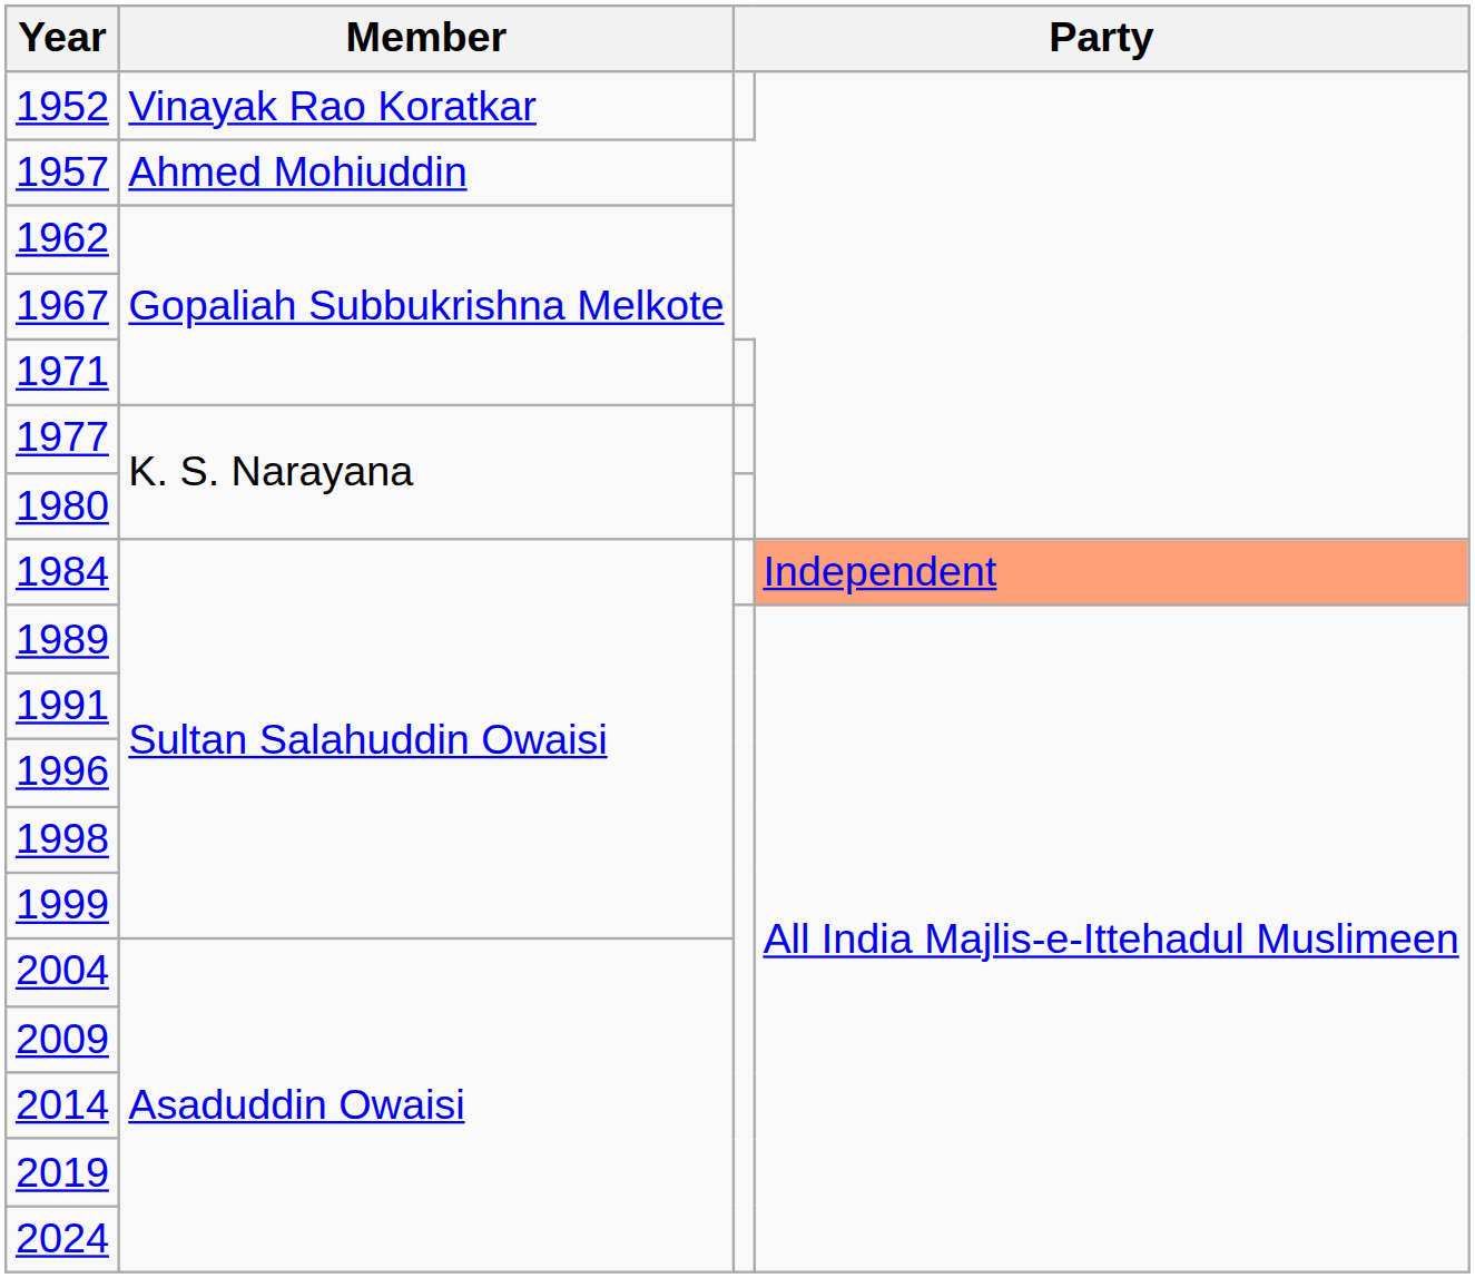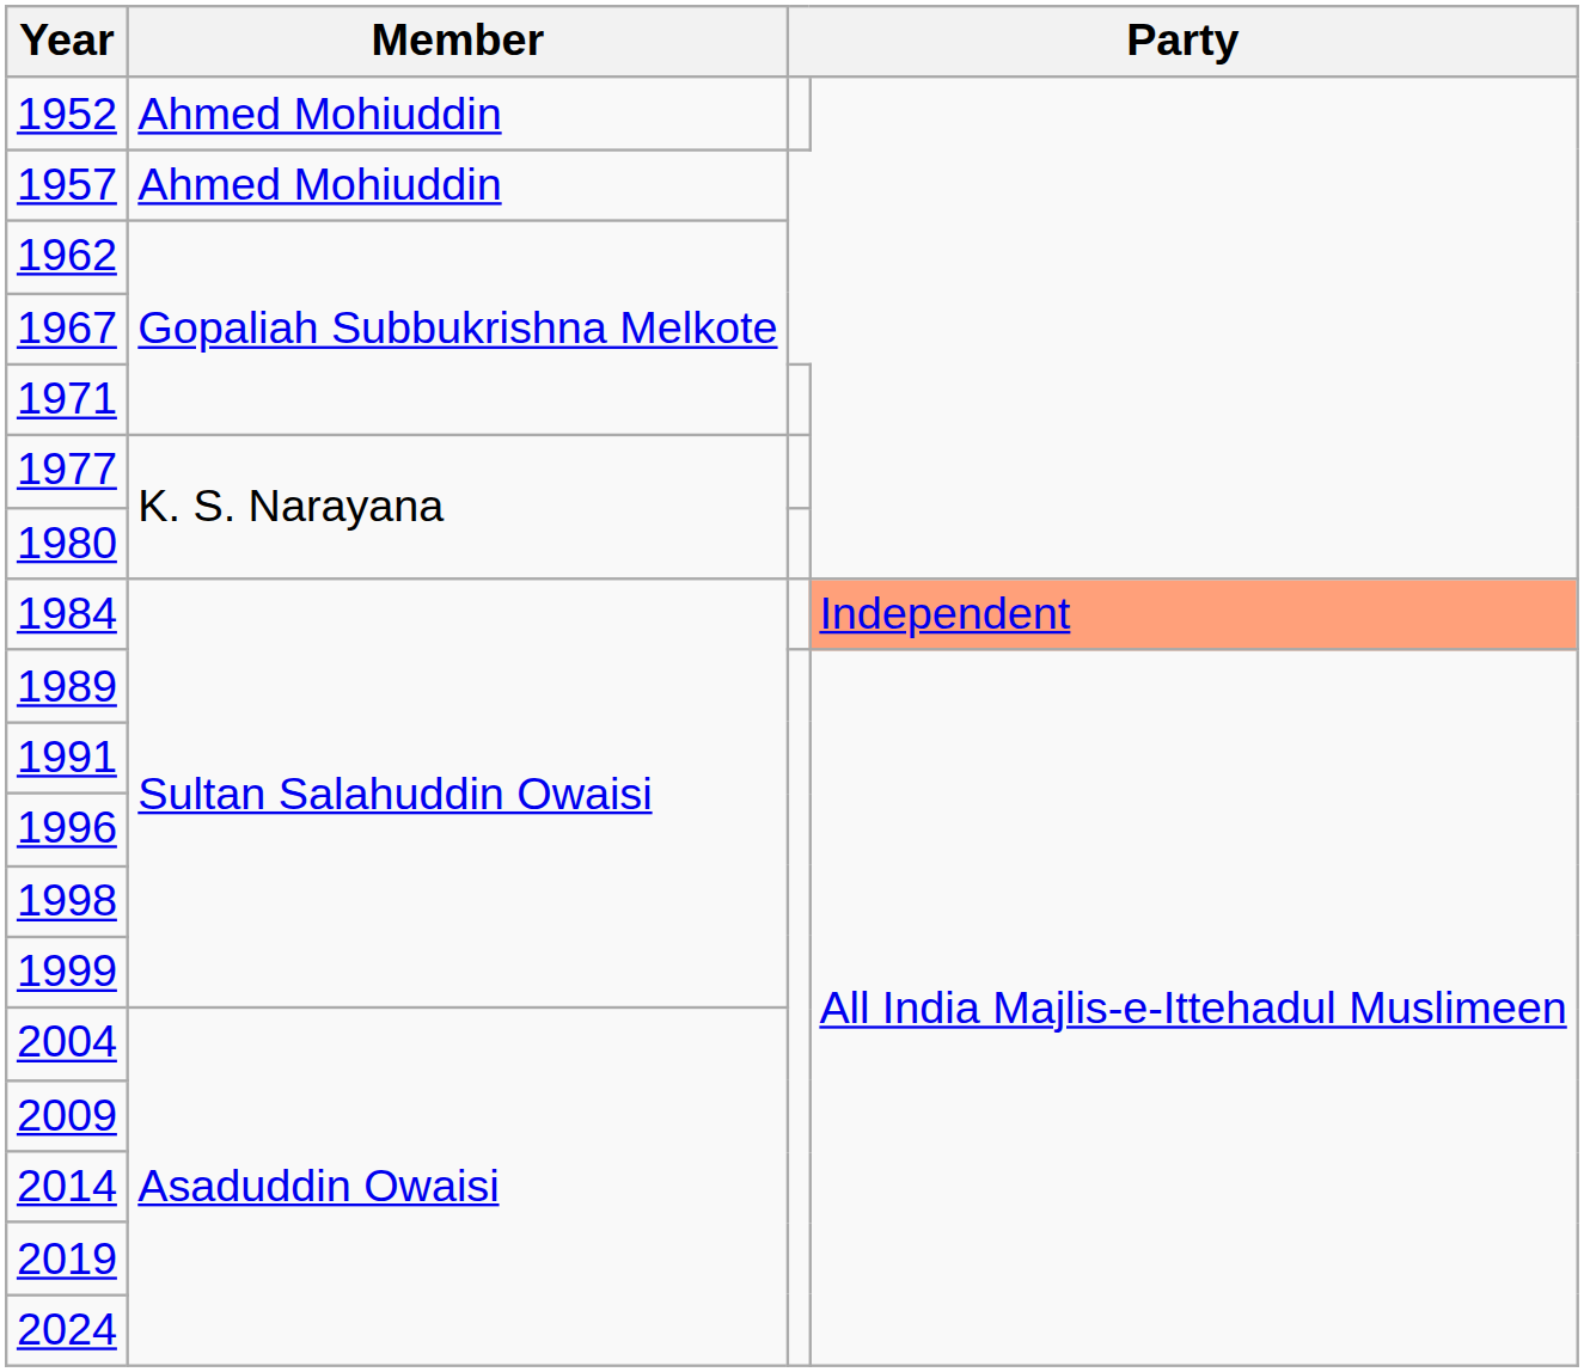 <table class="wikitable sortable">
 <tr>
 <th>Year</th>
 <th>Member</th>
 <th colspan="2">Party</th>
 </tr>
 <tr>
 <td><a href='#'>1952</a></td>
-<td><a href='#'>Vinayak Rao Koratkar</a></td>
+<td><a href='#'>Ahmed Mohiuddin</a></td>
 <td></td>
 </tr>
 <tr>
 <td><a href='#'>1957</a></td>
 <td><a href='#'>Ahmed Mohiuddin</a></td>
 </tr>
 <tr>
 <td><a href='#'>1962</a></td>
 <td rowspan="3"><a href='#'>Gopaliah Subbukrishna Melkote</a></td>
 </tr>
 <tr>
 <td><a href='#'>1967</a></td>
 </tr>
 <tr>
 <td><a href='#'>1971</a></td>
 <td></td>
 </tr>
 <tr>
 <td><a href='#'>1977</a></td>
 <td rowspan="2">K. S. Narayana</td>
 <td></td>
 </tr>
 <tr>
 <td><a href='#'>1980</a></td>
 <td></td>
 </tr>
 <tr>
 <td><a href='#'>1984</a></td>
 <td rowspan="6"><a href='#'>Sultan Salahuddin Owaisi</a></td>
 <td style="background-color: "></td>
 <td style="background: lightsalmon;"><a href='#'>Independent</a></td>
 </tr>
 <tr>
 <td><a href='#'>1989</a></td>
 <td rowspan="10" style="background-color: "></td>
 <td rowspan="10"><a href='#'>All India Majlis-e-Ittehadul Muslimeen</a></td>
 </tr>
 <tr>
 <td><a href='#'>1991</a></td>
 </tr>
 <tr>
 <td><a href='#'>1996</a></td>
 </tr>
 <tr>
 <td><a href='#'>1998</a></td>
 </tr>
 <tr>
 <td><a href='#'>1999</a></td>
 </tr>
 <tr>
 <td><a href='#'>2004</a></td>
 <td rowspan="5"><a href='#'>Asaduddin Owaisi</a></td>
 </tr>
 <tr>
 <td><a href='#'>2009</a></td>
 </tr>
 <tr>
 <td><a href='#'>2014</a></td>
 </tr>
 <tr>
 <td><a href='#'>2019</a></td>
 </tr>
 <tr>
 <td><a href='#'>2024</a></td>
 </tr>
 </table>
